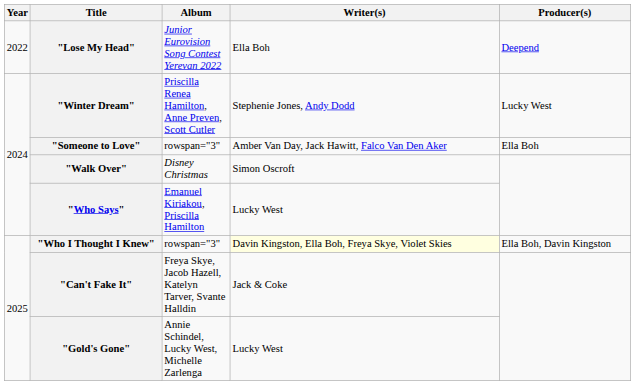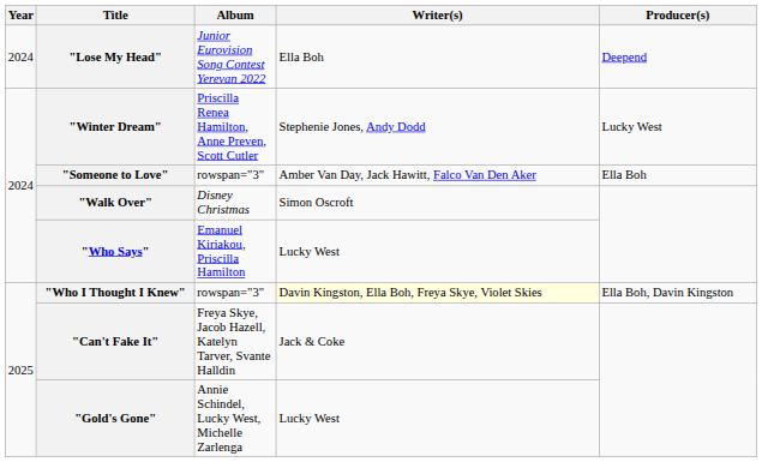 <table class="wikitable plainrowheaders" style="text-align:left;">
 <tr>
 <th scope="col" style="width:2em;">Year</th>
 <th scope="col" style="width:12em;">Title</th>
 <th scope="col" style="width:6em;">Album</th>
 <th scope="col" style="width:25em;">Writer(s)</th>
 <th scope="col" style="width:12em;">Producer(s)</th>
 </tr>
 <tr>
-<td>2022</td>
+<td>2024</td>
 <th scope="row">"Lose My Head"</th>
 <td><em><a href='#'>Junior Eurovision Song Contest Yerevan 2022</a></em></td>
 <td>Ella Boh</td>
 <td><a href='#'>Deepend</a></td>
 </tr>
 <tr>
 <td rowspan="4">2024</td>
 <th scope="row">"Winter Dream"</th>
 <td><a href='#'>Priscilla Renea Hamilton</a>, <a href='#'>Anne Preven</a>, <a href='#'>Scott Cutler</a></td>
 <td>Stephenie Jones, <a href='#'>Andy Dodd</a></td>
 <td>Lucky West</td>
 </tr>
 <tr>
 <th scope="row">"Someone to Love"</th>
 <td>rowspan="3"</td>
 <td>Amber Van Day, Jack Hawitt, <a href='#'>Falco Van Den Aker</a></td>
 <td>Ella Boh</td>
 </tr>
 <tr>
 <th scope="row">"Walk Over"</th>
 <td><em>Disney Christmas</em></td>
 <td>Simon Oscroft</td>
 </tr>
 <tr>
 <th scope="row">"<a href='#'>Who Says</a>"</th>
 <td><a href='#'>Emanuel Kiriakou</a>, <a href='#'>Priscilla Hamilton</a></td>
 <td>Lucky West</td>
 </tr>
 <tr>
 <td rowspan="3">2025</td>
 <th scope="row">"Who I Thought I Knew"</th>
 <td>rowspan="3"</td>
 <td style="background: lightyellow;">Davin Kingston, Ella Boh, Freya Skye, Violet Skies</td>
 <td>Ella Boh, Davin Kingston</td>
 </tr>
 <tr>
 <th scope="row">"Can't Fake It"</th>
 <td>Freya Skye, Jacob Hazell, Katelyn Tarver, Svante Halldin</td>
 <td>Jack & Coke</td>
 </tr>
 <tr>
 <th scope="row">"Gold's Gone"</th>
 <td>Annie Schindel, Lucky West, Michelle Zarlenga</td>
 <td>Lucky West</td>
 </tr>
 </table>
